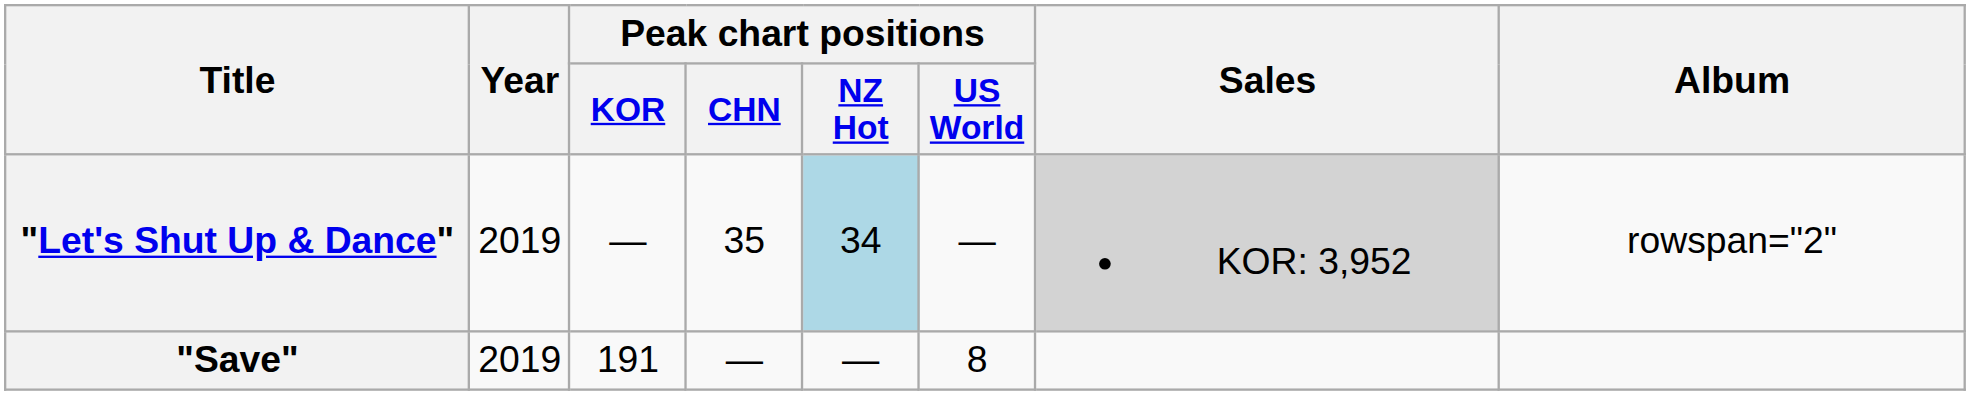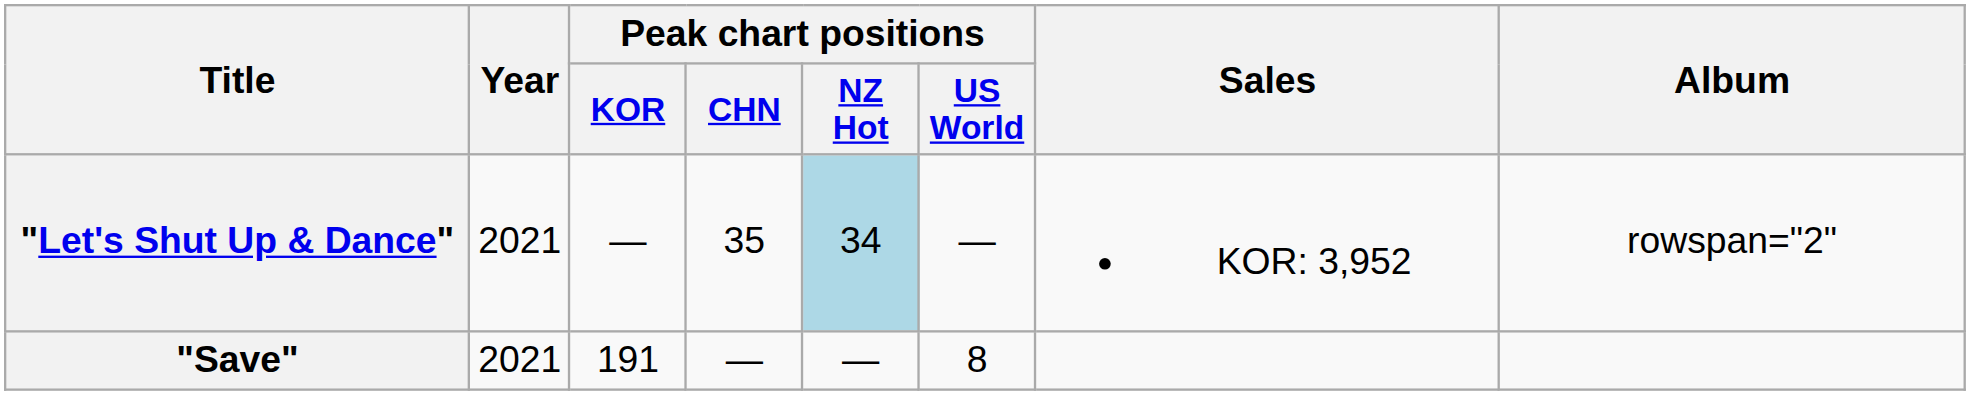 <table class="wikitable plainrowheaders" style="text-align:center;">
 <tr>
 <th rowspan="2" style="width:12em;">Title</th>
 <th rowspan="2" style="width:1em;">Year</th>
 <th colspan="4">Peak chart positions</th>
 <th rowspan="2" style="width:12em;">Sales</th>
 <th rowspan="2" style="width:12em;">Album</th>
 </tr>
 <tr>
 <th scope="col" style="width:3em;font-size:90%;"><a href='#'>KOR</a></th>
 <th scope="col" style="width:3em;font-size:90%;"><a href='#'>CHN</a><br></th>
 <th scope="col" style="width:3em;font-size:90%;"><a href='#'>NZ<br>Hot</a><br></th>
 <th scope="col" style="width:3em;font-size:90%;"><a href='#'>US<br>World</a><br></th>
 </tr>
 <tr>
 <th scope="row">"<a href='#'>Let's Shut Up & Dance</a>"<br></th>
-<td>2019</td>
+<td>2021</td>
 <td>—</td>
 <td>35</td>
 <td style="background: lightblue;">34</td>
 <td>—</td>
-<td style="background: lightgrey;"><br><ul><li>KOR: 3,952 </li></ul></td>
+<td><br><ul><li>KOR: 3,952 </li></ul></td>
 <td>rowspan="2" </td>
 </tr>
 <tr>
 <th scope="row">"Save"<br></th>
-<td>2019</td>
+<td>2021</td>
 <td>191</td>
 <td>—</td>
 <td>—</td>
 <td>8</td>
 <td></td>
 </tr>
 </table>
